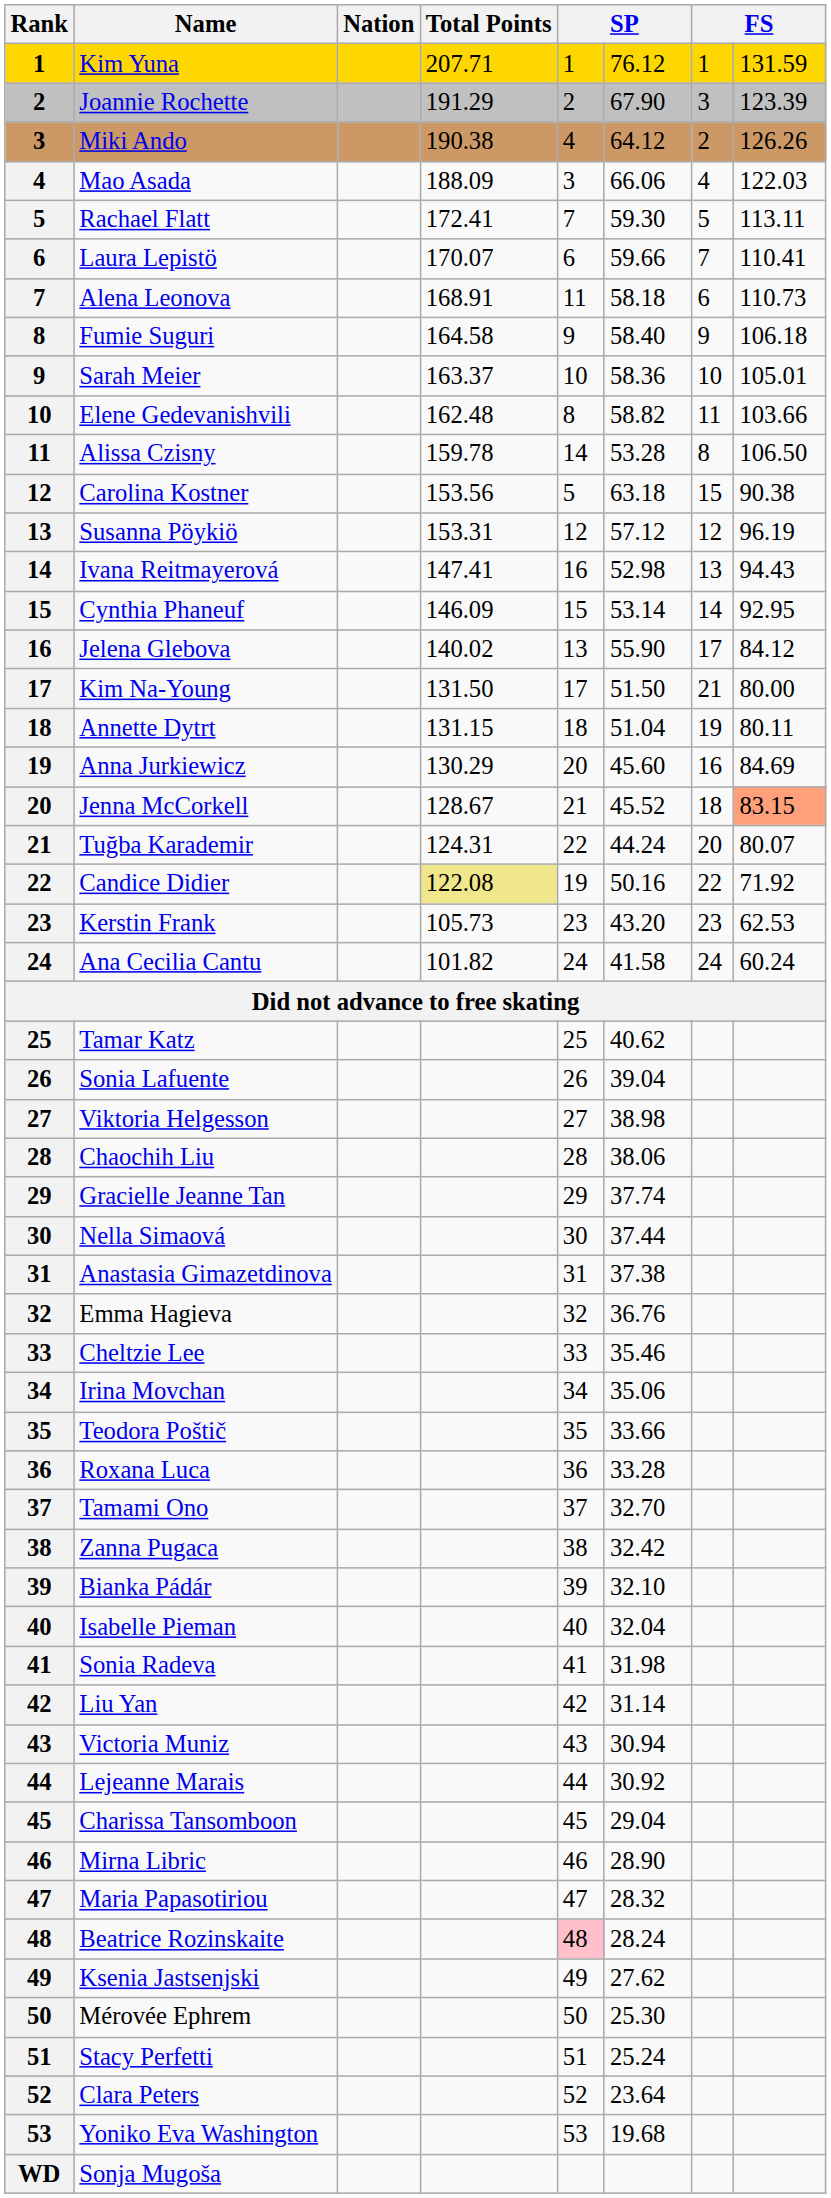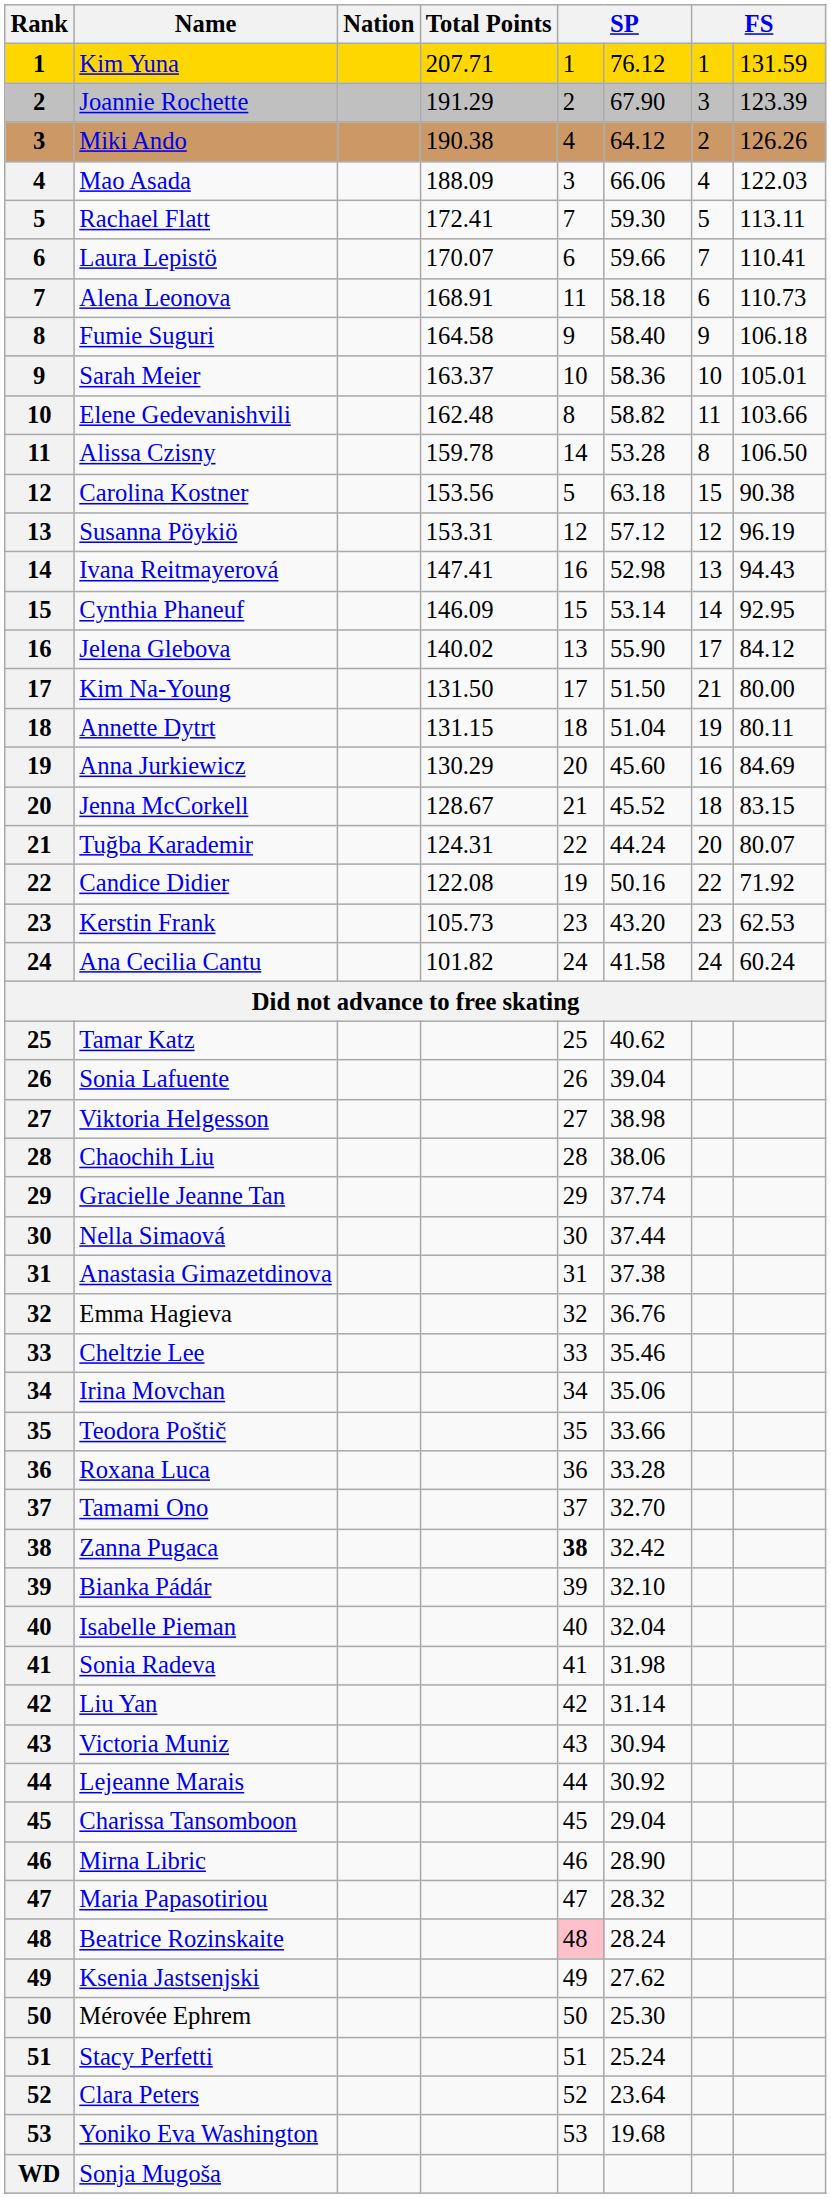 <table class="wikitable">
 <tr>
 <th>Rank</th>
 <th>Name</th>
 <th>Nation</th>
 <th>Total Points</th>
 <th colspan="2" width="80px"><a href='#'>SP</a></th>
 <th colspan="2" width="80px"><a href='#'>FS</a></th>
 </tr>
 <tr bgcolor="gold">
 <td align="center"><strong>1</strong></td>
 <td><a href='#'>Kim Yuna</a></td>
 <td></td>
 <td>207.71</td>
 <td>1</td>
 <td>76.12</td>
 <td>1</td>
 <td>131.59</td>
 </tr>
 <tr bgcolor="silver">
 <td align="center"><strong>2</strong></td>
 <td><a href='#'>Joannie Rochette</a></td>
 <td></td>
 <td>191.29</td>
 <td>2</td>
 <td>67.90</td>
 <td>3</td>
 <td>123.39</td>
 </tr>
 <tr bgcolor="cc9966">
 <td align="center"><strong>3</strong></td>
 <td><a href='#'>Miki Ando</a></td>
 <td></td>
 <td>190.38</td>
 <td>4</td>
 <td>64.12</td>
 <td>2</td>
 <td>126.26</td>
 </tr>
 <tr>
 <th>4</th>
 <td><a href='#'>Mao Asada</a></td>
 <td></td>
 <td>188.09</td>
 <td>3</td>
 <td>66.06</td>
 <td>4</td>
 <td>122.03</td>
 </tr>
 <tr>
 <th>5</th>
 <td><a href='#'>Rachael Flatt</a></td>
 <td></td>
 <td>172.41</td>
 <td>7</td>
 <td>59.30</td>
 <td>5</td>
 <td>113.11</td>
 </tr>
 <tr>
 <th>6</th>
 <td><a href='#'>Laura Lepistö</a></td>
 <td></td>
 <td>170.07</td>
 <td>6</td>
 <td>59.66</td>
 <td>7</td>
 <td>110.41</td>
 </tr>
 <tr>
 <th>7</th>
 <td><a href='#'>Alena Leonova</a></td>
 <td></td>
 <td>168.91</td>
 <td>11</td>
 <td>58.18</td>
 <td>6</td>
 <td>110.73</td>
 </tr>
 <tr>
 <th>8</th>
 <td><a href='#'>Fumie Suguri</a></td>
 <td></td>
 <td>164.58</td>
 <td>9</td>
 <td>58.40</td>
 <td>9</td>
 <td>106.18</td>
 </tr>
 <tr>
 <th>9</th>
 <td><a href='#'>Sarah Meier</a></td>
 <td></td>
 <td>163.37</td>
 <td>10</td>
 <td>58.36</td>
 <td>10</td>
 <td>105.01</td>
 </tr>
 <tr>
 <th>10</th>
 <td><a href='#'>Elene Gedevanishvili</a></td>
 <td></td>
 <td>162.48</td>
 <td>8</td>
 <td>58.82</td>
 <td>11</td>
 <td>103.66</td>
 </tr>
 <tr>
 <th>11</th>
 <td><a href='#'>Alissa Czisny</a></td>
 <td></td>
 <td>159.78</td>
 <td>14</td>
 <td>53.28</td>
 <td>8</td>
 <td>106.50</td>
 </tr>
 <tr>
 <th>12</th>
 <td><a href='#'>Carolina Kostner</a></td>
 <td></td>
 <td>153.56</td>
 <td>5</td>
 <td>63.18</td>
 <td>15</td>
 <td>90.38</td>
 </tr>
 <tr>
 <th>13</th>
 <td><a href='#'>Susanna Pöykiö</a></td>
 <td></td>
 <td>153.31</td>
 <td>12</td>
 <td>57.12</td>
 <td>12</td>
 <td>96.19</td>
 </tr>
 <tr>
 <th>14</th>
 <td><a href='#'>Ivana Reitmayerová</a></td>
 <td></td>
 <td>147.41</td>
 <td>16</td>
 <td>52.98</td>
 <td>13</td>
 <td>94.43</td>
 </tr>
 <tr>
 <th>15</th>
 <td><a href='#'>Cynthia Phaneuf</a></td>
 <td></td>
 <td>146.09</td>
 <td>15</td>
 <td>53.14</td>
 <td>14</td>
 <td>92.95</td>
 </tr>
 <tr>
 <th>16</th>
 <td><a href='#'>Jelena Glebova</a></td>
 <td></td>
 <td>140.02</td>
 <td>13</td>
 <td>55.90</td>
 <td>17</td>
 <td>84.12</td>
 </tr>
 <tr>
 <th>17</th>
 <td><a href='#'>Kim Na-Young</a></td>
 <td></td>
 <td>131.50</td>
 <td>17</td>
 <td>51.50</td>
 <td>21</td>
 <td>80.00</td>
 </tr>
 <tr>
 <th>18</th>
 <td><a href='#'>Annette Dytrt</a></td>
 <td></td>
 <td>131.15</td>
 <td>18</td>
 <td>51.04</td>
 <td>19</td>
 <td>80.11</td>
 </tr>
 <tr>
 <th>19</th>
 <td><a href='#'>Anna Jurkiewicz</a></td>
 <td></td>
 <td>130.29</td>
 <td>20</td>
 <td>45.60</td>
 <td>16</td>
 <td>84.69</td>
 </tr>
 <tr>
 <th>20</th>
 <td><a href='#'>Jenna McCorkell</a></td>
 <td></td>
 <td>128.67</td>
 <td>21</td>
 <td>45.52</td>
 <td>18</td>
-<td style="background: lightsalmon;">83.15</td>
+<td>83.15</td>
 </tr>
 <tr>
 <th>21</th>
 <td><a href='#'>Tuğba Karademir</a></td>
 <td></td>
 <td>124.31</td>
 <td>22</td>
 <td>44.24</td>
 <td>20</td>
 <td>80.07</td>
 </tr>
 <tr>
 <th>22</th>
 <td><a href='#'>Candice Didier</a></td>
 <td></td>
-<td style="background: khaki;">122.08</td>
+<td>122.08</td>
 <td>19</td>
 <td>50.16</td>
 <td>22</td>
 <td>71.92</td>
 </tr>
 <tr>
 <th>23</th>
 <td><a href='#'>Kerstin Frank</a></td>
 <td></td>
 <td>105.73</td>
 <td>23</td>
 <td>43.20</td>
 <td>23</td>
 <td>62.53</td>
 </tr>
 <tr>
 <th>24</th>
 <td><a href='#'>Ana Cecilia Cantu</a></td>
 <td></td>
 <td>101.82</td>
 <td>24</td>
 <td>41.58</td>
 <td>24</td>
 <td>60.24</td>
 </tr>
 <tr>
 <th colspan=8>Did not advance to free skating</th>
 </tr>
 <tr>
 <th>25</th>
 <td><a href='#'>Tamar Katz</a></td>
 <td></td>
 <td></td>
 <td>25</td>
 <td>40.62</td>
 <td></td>
 <td></td>
 </tr>
 <tr>
 <th>26</th>
 <td><a href='#'>Sonia Lafuente</a></td>
 <td></td>
 <td></td>
 <td>26</td>
 <td>39.04</td>
 <td></td>
 <td></td>
 </tr>
 <tr>
 <th>27</th>
 <td><a href='#'>Viktoria Helgesson</a></td>
 <td></td>
 <td></td>
 <td>27</td>
 <td>38.98</td>
 <td></td>
 <td></td>
 </tr>
 <tr>
 <th>28</th>
 <td><a href='#'>Chaochih Liu</a></td>
 <td></td>
 <td></td>
 <td>28</td>
 <td>38.06</td>
 <td></td>
 <td></td>
 </tr>
 <tr>
 <th>29</th>
 <td><a href='#'>Gracielle Jeanne Tan</a></td>
 <td></td>
 <td></td>
 <td>29</td>
 <td>37.74</td>
 <td></td>
 <td></td>
 </tr>
 <tr>
 <th>30</th>
 <td><a href='#'>Nella Simaová</a></td>
 <td></td>
 <td></td>
 <td>30</td>
 <td>37.44</td>
 <td></td>
 <td></td>
 </tr>
 <tr>
 <th>31</th>
 <td><a href='#'>Anastasia Gimazetdinova</a></td>
 <td></td>
 <td></td>
 <td>31</td>
 <td>37.38</td>
 <td></td>
 <td></td>
 </tr>
 <tr>
 <th>32</th>
 <td>Emma Hagieva</td>
 <td></td>
 <td></td>
 <td>32</td>
 <td>36.76</td>
 <td></td>
 <td></td>
 </tr>
 <tr>
 <th>33</th>
 <td><a href='#'>Cheltzie Lee</a></td>
 <td></td>
 <td></td>
 <td>33</td>
 <td>35.46</td>
 <td></td>
 <td></td>
 </tr>
 <tr>
 <th>34</th>
 <td><a href='#'>Irina Movchan</a></td>
 <td></td>
 <td></td>
 <td>34</td>
 <td>35.06</td>
 <td></td>
 <td></td>
 </tr>
 <tr>
 <th>35</th>
 <td><a href='#'>Teodora Poštič</a></td>
 <td></td>
 <td></td>
 <td>35</td>
 <td>33.66</td>
 <td></td>
 <td></td>
 </tr>
 <tr>
 <th>36</th>
 <td><a href='#'>Roxana Luca</a></td>
 <td></td>
 <td></td>
 <td>36</td>
 <td>33.28</td>
 <td></td>
 <td></td>
 </tr>
 <tr>
 <th>37</th>
 <td><a href='#'>Tamami Ono</a></td>
 <td></td>
 <td></td>
 <td>37</td>
 <td>32.70</td>
 <td></td>
 <td></td>
 </tr>
 <tr>
 <th>38</th>
 <td><a href='#'>Zanna Pugaca</a></td>
 <td></td>
 <td></td>
-<td>38</td>
+<td><strong>38</strong></td>
 <td>32.42</td>
 <td></td>
 <td></td>
 </tr>
 <tr>
 <th>39</th>
 <td><a href='#'>Bianka Pádár</a></td>
 <td></td>
 <td></td>
 <td>39</td>
 <td>32.10</td>
 <td></td>
 <td></td>
 </tr>
 <tr>
 <th>40</th>
 <td><a href='#'>Isabelle Pieman</a></td>
 <td></td>
 <td></td>
 <td>40</td>
 <td>32.04</td>
 <td></td>
 <td></td>
 </tr>
 <tr>
 <th>41</th>
 <td><a href='#'>Sonia Radeva</a></td>
 <td></td>
 <td></td>
 <td>41</td>
 <td>31.98</td>
 <td></td>
 <td></td>
 </tr>
 <tr>
 <th>42</th>
 <td><a href='#'>Liu Yan</a></td>
 <td></td>
 <td></td>
 <td>42</td>
 <td>31.14</td>
 <td></td>
 <td></td>
 </tr>
 <tr>
 <th>43</th>
 <td><a href='#'>Victoria Muniz</a></td>
 <td></td>
 <td></td>
 <td>43</td>
 <td>30.94</td>
 <td></td>
 <td></td>
 </tr>
 <tr>
 <th>44</th>
 <td><a href='#'>Lejeanne Marais</a></td>
 <td></td>
 <td></td>
 <td>44</td>
 <td>30.92</td>
 <td></td>
 <td></td>
 </tr>
 <tr>
 <th>45</th>
 <td><a href='#'>Charissa Tansomboon</a></td>
 <td></td>
 <td></td>
 <td>45</td>
 <td>29.04</td>
 <td></td>
 <td></td>
 </tr>
 <tr>
 <th>46</th>
 <td><a href='#'>Mirna Libric</a></td>
 <td></td>
 <td></td>
 <td>46</td>
 <td>28.90</td>
 <td></td>
 <td></td>
 </tr>
 <tr>
 <th>47</th>
 <td><a href='#'>Maria Papasotiriou</a></td>
 <td></td>
 <td></td>
 <td>47</td>
 <td>28.32</td>
 <td></td>
 <td></td>
 </tr>
 <tr>
 <th>48</th>
 <td><a href='#'>Beatrice Rozinskaite</a></td>
 <td></td>
 <td></td>
 <td style="background: pink;">48</td>
 <td>28.24</td>
 <td></td>
 <td></td>
 </tr>
 <tr>
 <th>49</th>
 <td><a href='#'>Ksenia Jastsenjski</a></td>
 <td></td>
 <td></td>
 <td>49</td>
 <td>27.62</td>
 <td></td>
 <td></td>
 </tr>
 <tr>
 <th>50</th>
 <td>Mérovée Ephrem</td>
 <td></td>
 <td></td>
 <td>50</td>
 <td>25.30</td>
 <td></td>
 <td></td>
 </tr>
 <tr>
 <th>51</th>
 <td><a href='#'>Stacy Perfetti</a></td>
 <td></td>
 <td></td>
 <td>51</td>
 <td>25.24</td>
 <td></td>
 <td></td>
 </tr>
 <tr>
 <th>52</th>
 <td><a href='#'>Clara Peters</a></td>
 <td></td>
 <td></td>
 <td>52</td>
 <td>23.64</td>
 <td></td>
 <td></td>
 </tr>
 <tr>
 <th>53</th>
 <td><a href='#'>Yoniko Eva Washington</a></td>
 <td></td>
 <td></td>
 <td>53</td>
 <td>19.68</td>
 <td></td>
 <td></td>
 </tr>
 <tr>
 <th>WD</th>
 <td><a href='#'>Sonja Mugoša</a></td>
 <td></td>
 <td></td>
 <td></td>
 <td></td>
 <td></td>
 <td></td>
 </tr>
 </table>
